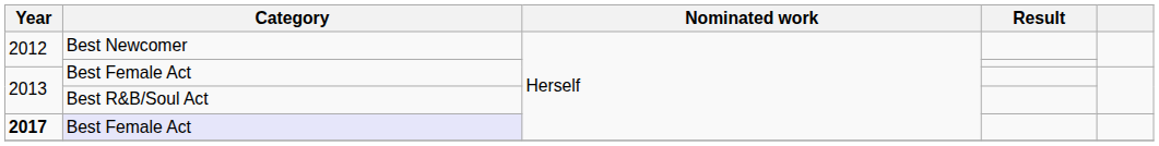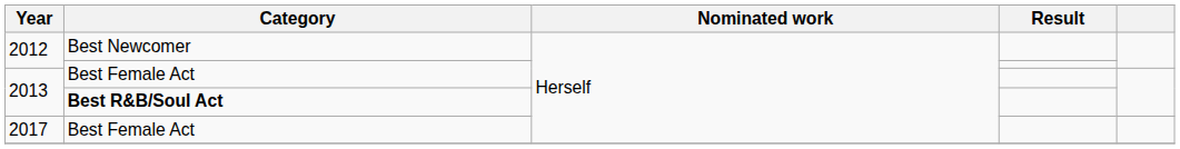 <table class="wikitable" style="width:85%;">
 <tr>
 <th width=5%>Year</th>
 <th style="width:40%;">Category</th>
 <th style="width:40%;">Nominated work</th>
 <th style="width:10%;">Result</th>
 <th width=5%></th>
 </tr>
 <tr>
 <td rowspan="2">2012</td>
 <td>Best Newcomer</td>
 <td rowspan="5">Herself</td>
 <td></td>
 <td rowspan="2"></td>
 </tr>
 <tr>
 <td rowspan="2">Best Female Act</td>
 <td></td>
 </tr>
 <tr>
 <td rowspan="2">2013</td>
 <td></td>
 <td rowspan="2"></td>
 </tr>
 <tr>
-<td>Best R&B/Soul Act</td>
+<td><strong>Best R&B/Soul Act</strong></td>
 <td></td>
 </tr>
 <tr>
-<td><strong>2017</strong></td>
-<td style="background: lavender;">Best Female Act</td>
+<td>2017</td>
+<td>Best Female Act</td>
 <td></td>
 <td></td>
 </tr>
 <tr>
 </tr>
 </table>
